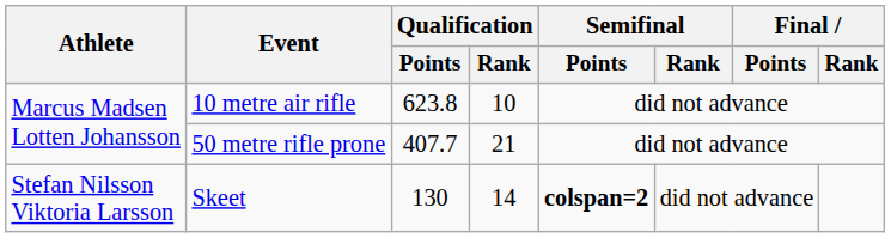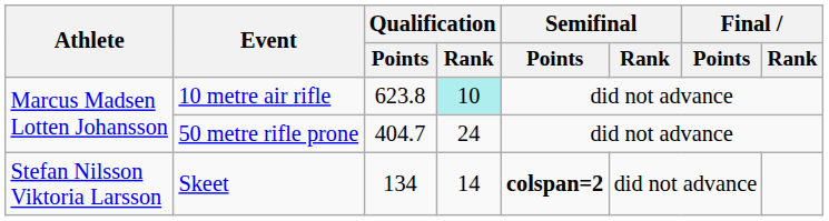 <table class="wikitable" style="font-size:90%">
 <tr>
 <th rowspan="2">Athlete</th>
 <th rowspan="2">Event</th>
 <th colspan=2>Qualification</th>
 <th colspan=2>Semifinal</th>
 <th colspan=2>Final / </th>
 </tr>
 <tr style="font-size:95%">
 <th>Points</th>
 <th>Rank</th>
 <th>Points</th>
 <th>Rank</th>
 <th>Points</th>
 <th>Rank</th>
 </tr>
 <tr align=center>
 <td align=left rowspan=2><a href='#'>Marcus Madsen</a><br><a href='#'>Lotten Johansson</a></td>
 <td align=left><a href='#'>10 metre air rifle</a></td>
 <td>623.8</td>
-<td>10</td>
+<td style="background: paleturquoise;">10</td>
 <td colspan=4>did not advance</td>
 </tr>
 <tr align=center>
 <td align=left><a href='#'>50 metre rifle prone</a></td>
-<td>407.7</td>
-<td>21</td>
+<td>404.7</td>
+<td>24</td>
 <td colspan=4>did not advance</td>
 </tr>
 <tr align=center>
 <td align=left><a href='#'>Stefan Nilsson</a><br><a href='#'>Viktoria Larsson</a></td>
 <td align=left><a href='#'>Skeet</a></td>
-<td>130</td>
+<td>134</td>
 <td>14</td>
 <td><strong>colspan=2 </strong></td>
 <td colspan=2>did not advance</td>
 </tr>
 </table>
